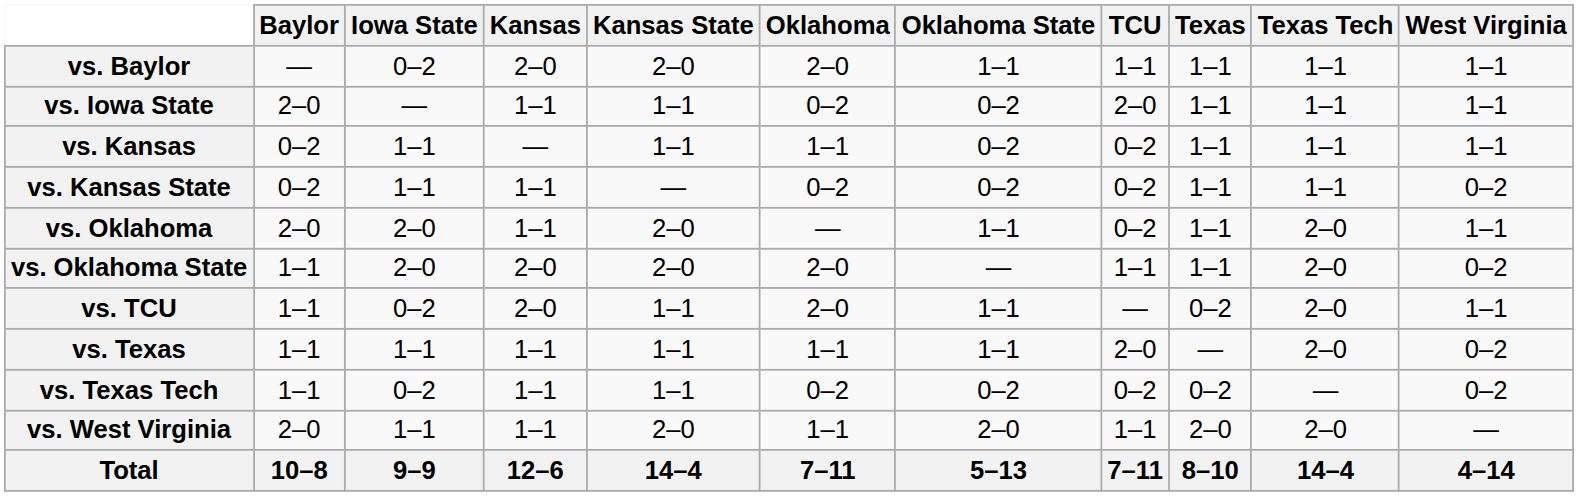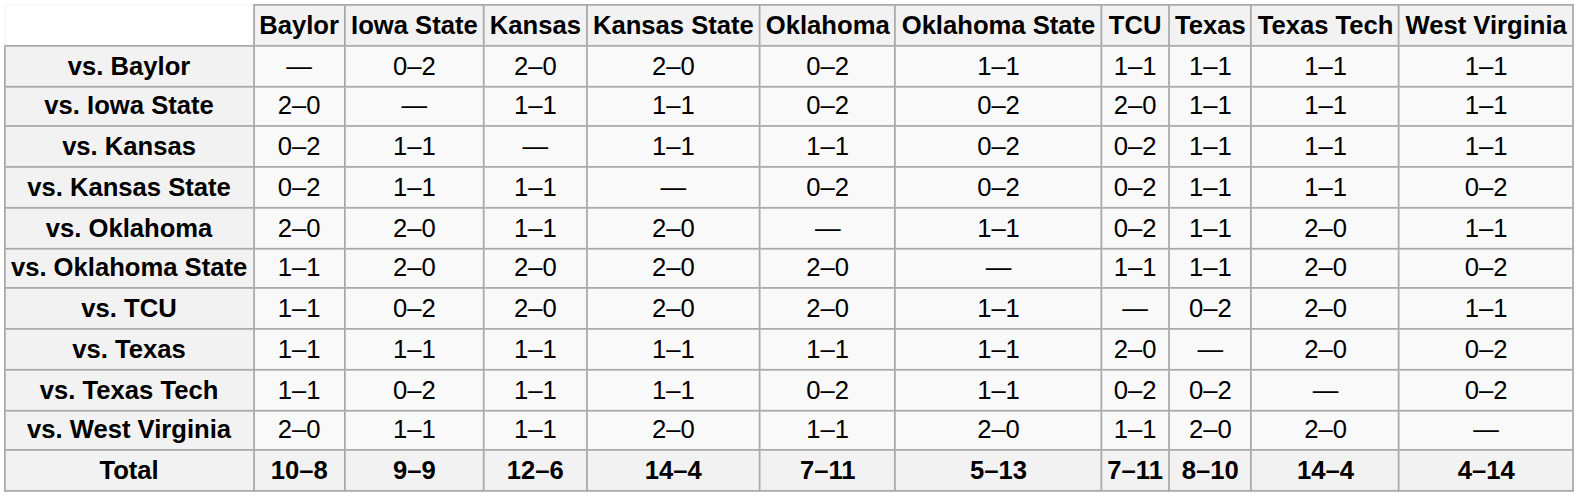 <table class="wikitable" style="white-space:nowrap;font-size:90%;">
 <tr>
 <th colspan=1 style="background:white; border-top-style:hidden; border-left-style:hidden;"   width=75> </th>
 <th>Baylor</th>
 <th>Iowa State</th>
 <th>Kansas</th>
 <th>Kansas State</th>
 <th>Oklahoma</th>
 <th>Oklahoma State</th>
 <th>TCU</th>
 <th>Texas</th>
 <th>Texas Tech</th>
 <th>West Virginia</th>
 </tr>
 <tr style="text-align:center;">
 <th>vs. Baylor</th>
 <td>—</td>
 <td>0–2</td>
 <td>2–0</td>
 <td>2–0</td>
-<td>2–0</td>
+<td>0–2</td>
 <td>1–1</td>
 <td>1–1</td>
 <td>1–1</td>
 <td>1–1</td>
 <td>1–1</td>
 </tr>
 <tr style="text-align:center;">
 <th>vs. Iowa State</th>
 <td>2–0</td>
 <td>—</td>
 <td>1–1</td>
 <td>1–1</td>
 <td>0–2</td>
 <td>0–2</td>
 <td>2–0</td>
 <td>1–1</td>
 <td>1–1</td>
 <td>1–1</td>
 </tr>
 <tr style="text-align:center;">
 <th>vs. Kansas</th>
 <td>0–2</td>
 <td>1–1</td>
 <td>—</td>
 <td>1–1</td>
 <td>1–1</td>
 <td>0–2</td>
 <td>0–2</td>
 <td>1–1</td>
 <td>1–1</td>
 <td>1–1</td>
 </tr>
 <tr style="text-align:center;">
 <th>vs. Kansas State</th>
 <td>0–2</td>
 <td>1–1</td>
 <td>1–1</td>
 <td>—</td>
 <td>0–2</td>
 <td>0–2</td>
 <td>0–2</td>
 <td>1–1</td>
 <td>1–1</td>
 <td>0–2</td>
 </tr>
 <tr style="text-align:center;">
 <th>vs. Oklahoma</th>
 <td>2–0</td>
 <td>2–0</td>
 <td>1–1</td>
 <td>2–0</td>
 <td>—</td>
 <td>1–1</td>
 <td>0–2</td>
 <td>1–1</td>
 <td>2–0</td>
 <td>1–1</td>
 </tr>
 <tr style="text-align:center;">
 <th>vs. Oklahoma State</th>
 <td>1–1</td>
 <td>2–0</td>
 <td>2–0</td>
 <td>2–0</td>
 <td>2–0</td>
 <td>—</td>
 <td>1–1</td>
 <td>1–1</td>
 <td>2–0</td>
 <td>0–2</td>
 </tr>
 <tr style="text-align:center;">
 <th>vs. TCU</th>
 <td>1–1</td>
 <td>0–2</td>
 <td>2–0</td>
-<td>1–1</td>
+<td>2–0</td>
 <td>2–0</td>
 <td>1–1</td>
 <td>—</td>
 <td>0–2</td>
 <td>2–0</td>
 <td>1–1</td>
 </tr>
 <tr style="text-align:center;">
 <th>vs. Texas</th>
 <td>1–1</td>
 <td>1–1</td>
 <td>1–1</td>
 <td>1–1</td>
 <td>1–1</td>
 <td>1–1</td>
 <td>2–0</td>
 <td>—</td>
 <td>2–0</td>
 <td>0–2</td>
 </tr>
 <tr style="text-align:center;">
 <th>vs. Texas Tech</th>
 <td>1–1</td>
 <td>0–2</td>
 <td>1–1</td>
 <td>1–1</td>
 <td>0–2</td>
-<td>0–2</td>
+<td>1–1</td>
 <td>0–2</td>
 <td>0–2</td>
 <td>—</td>
 <td>0–2</td>
 </tr>
 <tr style="text-align:center;">
 <th>vs. West Virginia</th>
 <td>2–0</td>
 <td>1–1</td>
 <td>1–1</td>
 <td>2–0</td>
 <td>1–1</td>
 <td>2–0</td>
 <td>1–1</td>
 <td>2–0</td>
 <td>2–0</td>
 <td>—<br></td>
 </tr>
 <tr style="text-align:center;">
 <th>Total</th>
 <th>10–8</th>
 <th>9–9</th>
 <th>12–6</th>
 <th>14–4</th>
 <th>7–11</th>
 <th>5–13</th>
 <th>7–11</th>
 <th>8–10</th>
 <th>14–4</th>
 <th>4–14</th>
 </tr>
 </table>
